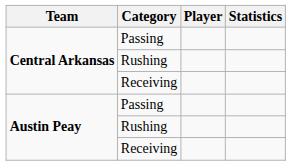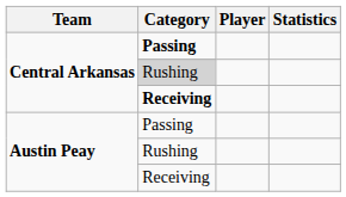 <table class="wikitable" style="float: right;">
 <tr>
 <th>Team</th>
 <th>Category</th>
 <th>Player</th>
 <th>Statistics</th>
 </tr>
 <tr>
 <td rowspan=3><strong>Central Arkansas</strong></td>
-<td>Passing</td>
+<td><strong>Passing</strong></td>
 <td></td>
 <td></td>
 </tr>
 <tr>
-<td>Rushing</td>
+<td style="background: lightgrey;">Rushing</td>
 <td></td>
 <td></td>
 </tr>
 <tr>
-<td>Receiving</td>
+<td><strong>Receiving</strong></td>
 <td></td>
 <td></td>
 </tr>
 <tr>
 <td rowspan=3><strong>Austin Peay</strong></td>
 <td>Passing</td>
 <td></td>
 <td></td>
 </tr>
 <tr>
 <td>Rushing</td>
 <td></td>
 <td></td>
 </tr>
 <tr>
 <td>Receiving</td>
 <td></td>
 <td></td>
 </tr>
 </table>
